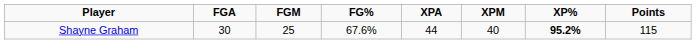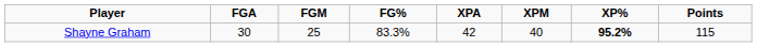 <table class="wikitable" style="width:80%;">
 <tr align="center">
 <td><strong>Player</strong></td>
 <td><strong>FGA</strong></td>
 <td><strong>FGM</strong></td>
 <td><strong>FG%</strong></td>
 <td><strong>XPA</strong></td>
 <td><strong>XPM</strong></td>
 <td><strong>XP%</strong></td>
 <td><strong>Points</strong></td>
 </tr>
 <tr style="text-align:center;" bgcolor="">
 <td><a href='#'>Shayne Graham</a></td>
 <td>30</td>
 <td>25</td>
-<td>67.6%</td>
-<td>44</td>
+<td>83.3%</td>
+<td>42</td>
 <td>40</td>
 <td><strong>95.2%</strong></td>
 <td>115</td>
 </tr>
 </table>
